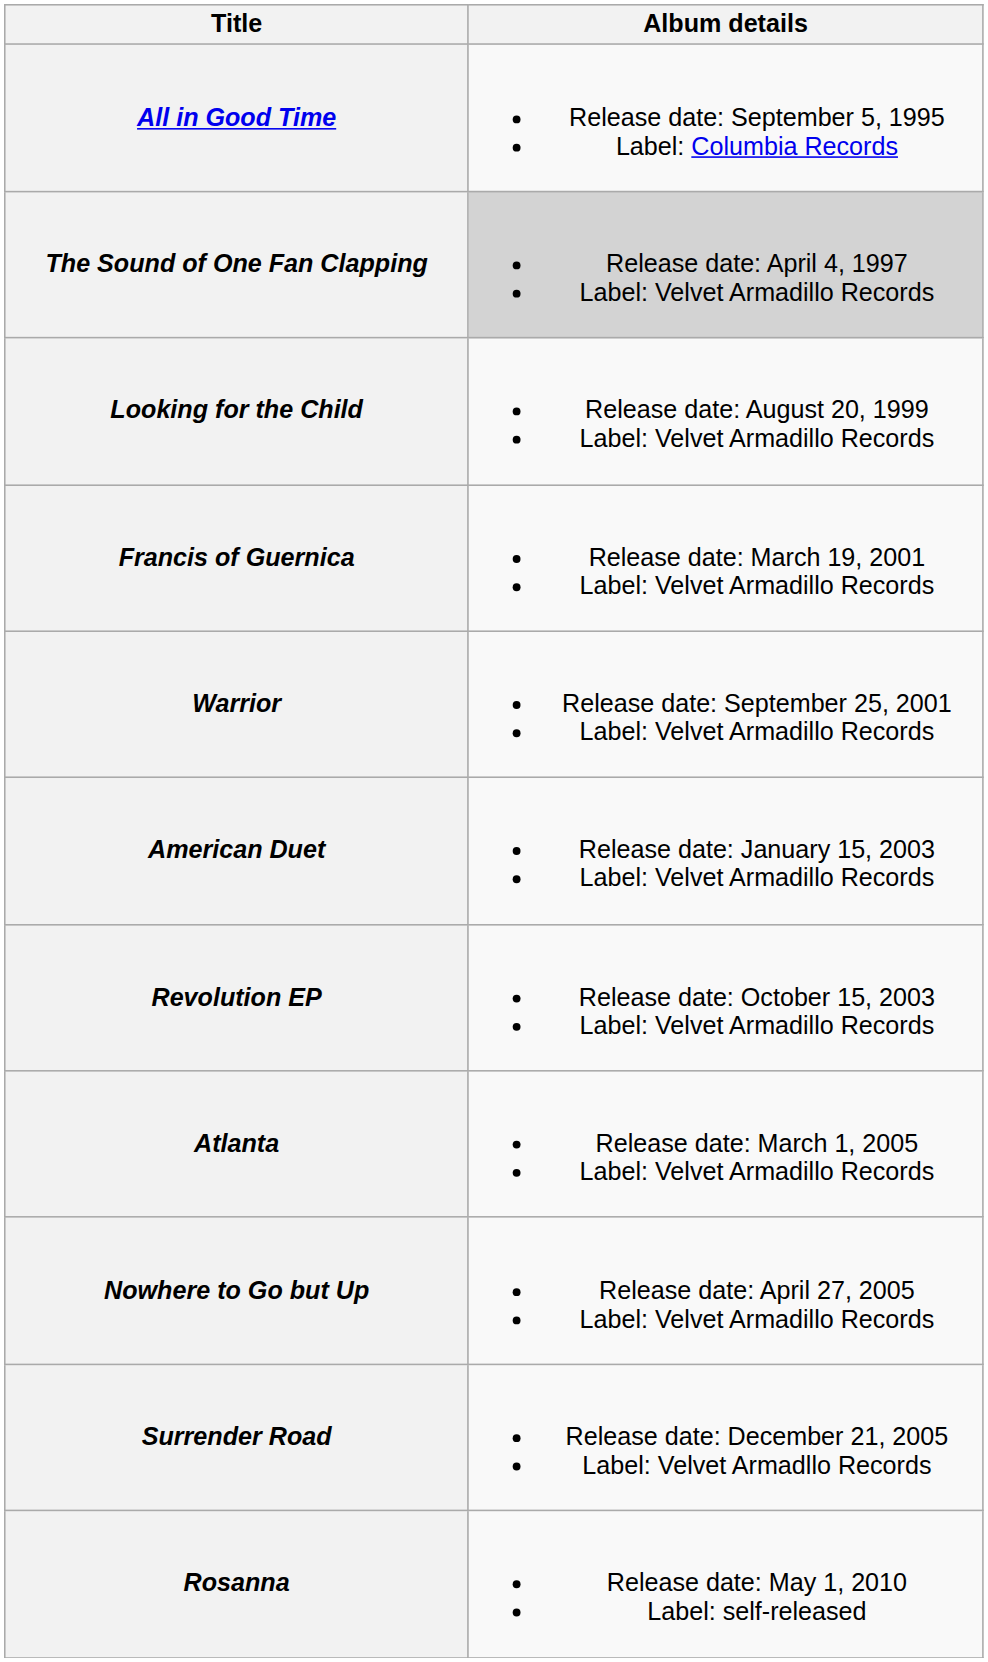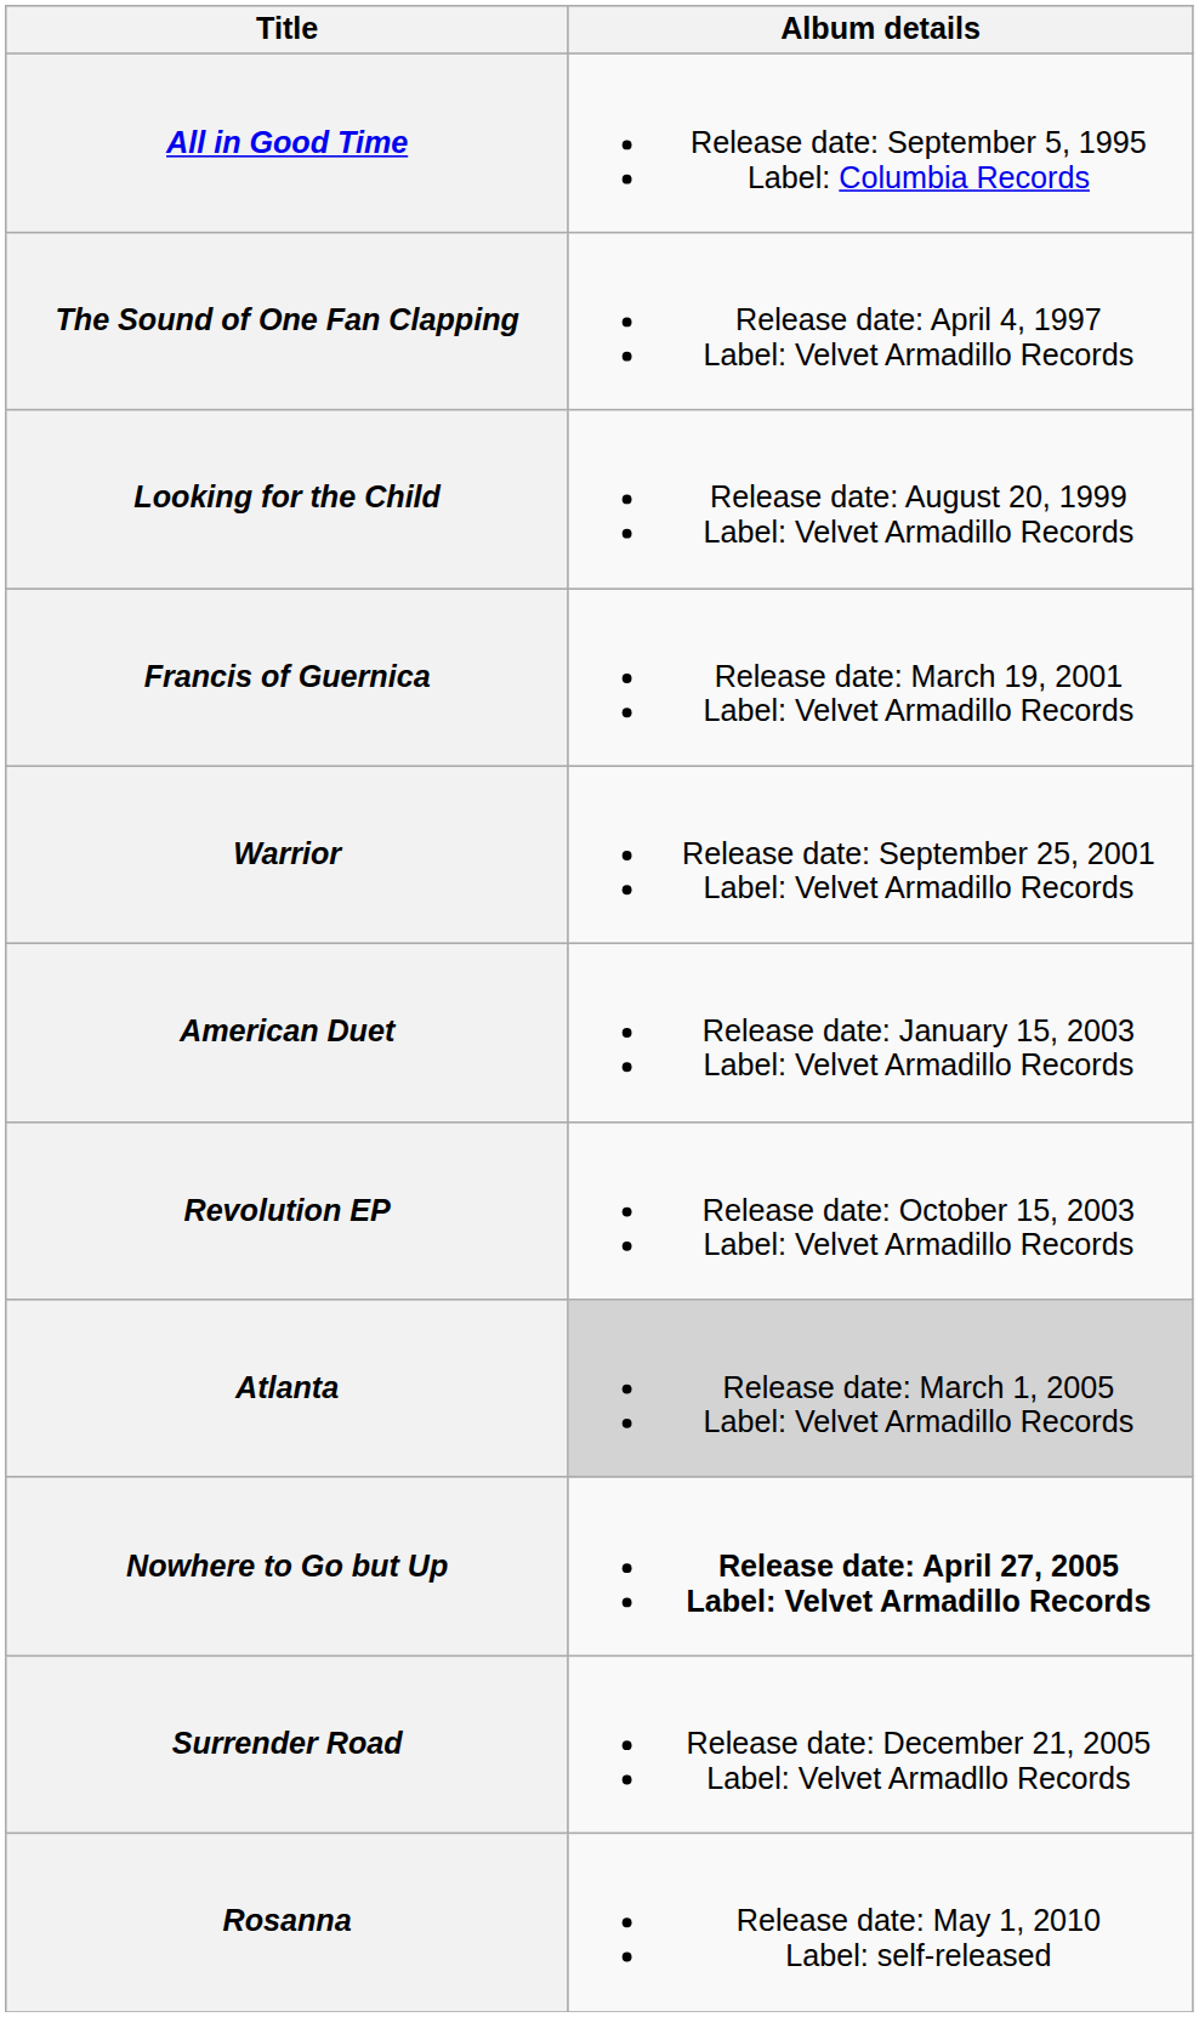 <table class="wikitable plainrowheaders" style="text-align:center;">
 <tr>
 <th style="width:18em;">Title</th>
 <th style="width:20em;">Album details</th>
 </tr>
 <tr>
 <th scope="row"><em><a href='#'>All in Good Time</a></em></th>
 <td><br><ul><li>Release date: September 5, 1995</li><li>Label: <a href='#'>Columbia Records</a></li></ul></td>
 </tr>
 <tr>
 <th scope="row"><em>The Sound of One Fan Clapping</em></th>
-<td style="background: lightgrey;"><br><ul><li>Release date: April 4, 1997</li><li>Label: Velvet Armadillo Records</li></ul></td>
+<td><br><ul><li>Release date: April 4, 1997</li><li>Label: Velvet Armadillo Records</li></ul></td>
 </tr>
 <tr>
 <th scope="row"><em>Looking for the Child</em></th>
 <td><br><ul><li>Release date: August 20, 1999</li><li>Label: Velvet Armadillo Records</li></ul></td>
 </tr>
 <tr>
 <th scope="row"><em>Francis of Guernica</em></th>
 <td><br><ul><li>Release date: March 19, 2001</li><li>Label: Velvet Armadillo Records</li></ul></td>
 </tr>
 <tr>
 <th scope="row"><em>Warrior</em></th>
 <td><br><ul><li>Release date: September 25, 2001</li><li>Label: Velvet Armadillo Records</li></ul></td>
 </tr>
 <tr>
 <th scope="row"><em>American Duet</em></th>
 <td><br><ul><li>Release date: January 15, 2003</li><li>Label: Velvet Armadillo Records</li></ul></td>
 </tr>
 <tr>
 <th scope="row"><em>Revolution EP</em></th>
 <td><br><ul><li>Release date: October 15, 2003</li><li>Label: Velvet Armadillo Records</li></ul></td>
 </tr>
 <tr>
 <th scope="row"><em>Atlanta</em></th>
-<td><br><ul><li>Release date: March 1, 2005</li><li>Label: Velvet Armadillo Records</li></ul></td>
+<td style="background: lightgrey;"><br><ul><li>Release date: March 1, 2005</li><li>Label: Velvet Armadillo Records</li></ul></td>
 </tr>
 <tr>
 <th scope="row"><em>Nowhere to Go but Up</em></th>
-<td><br><ul><li>Release date: April 27, 2005</li><li>Label: Velvet Armadillo Records</li></ul></td>
+<td><strong><br><ul><li>Release date: April 27, 2005</li><li>Label: Velvet Armadillo Records</li></ul></strong></td>
 </tr>
 <tr>
 <th scope="row"><em>Surrender Road</em></th>
 <td><br><ul><li>Release date: December 21, 2005</li><li>Label: Velvet Armadllo Records</li></ul></td>
 </tr>
 <tr>
 <th scope="row"><em>Rosanna</em></th>
 <td><br><ul><li>Release date: May 1, 2010</li><li>Label: self-released</li></ul></td>
 </tr>
 </table>
